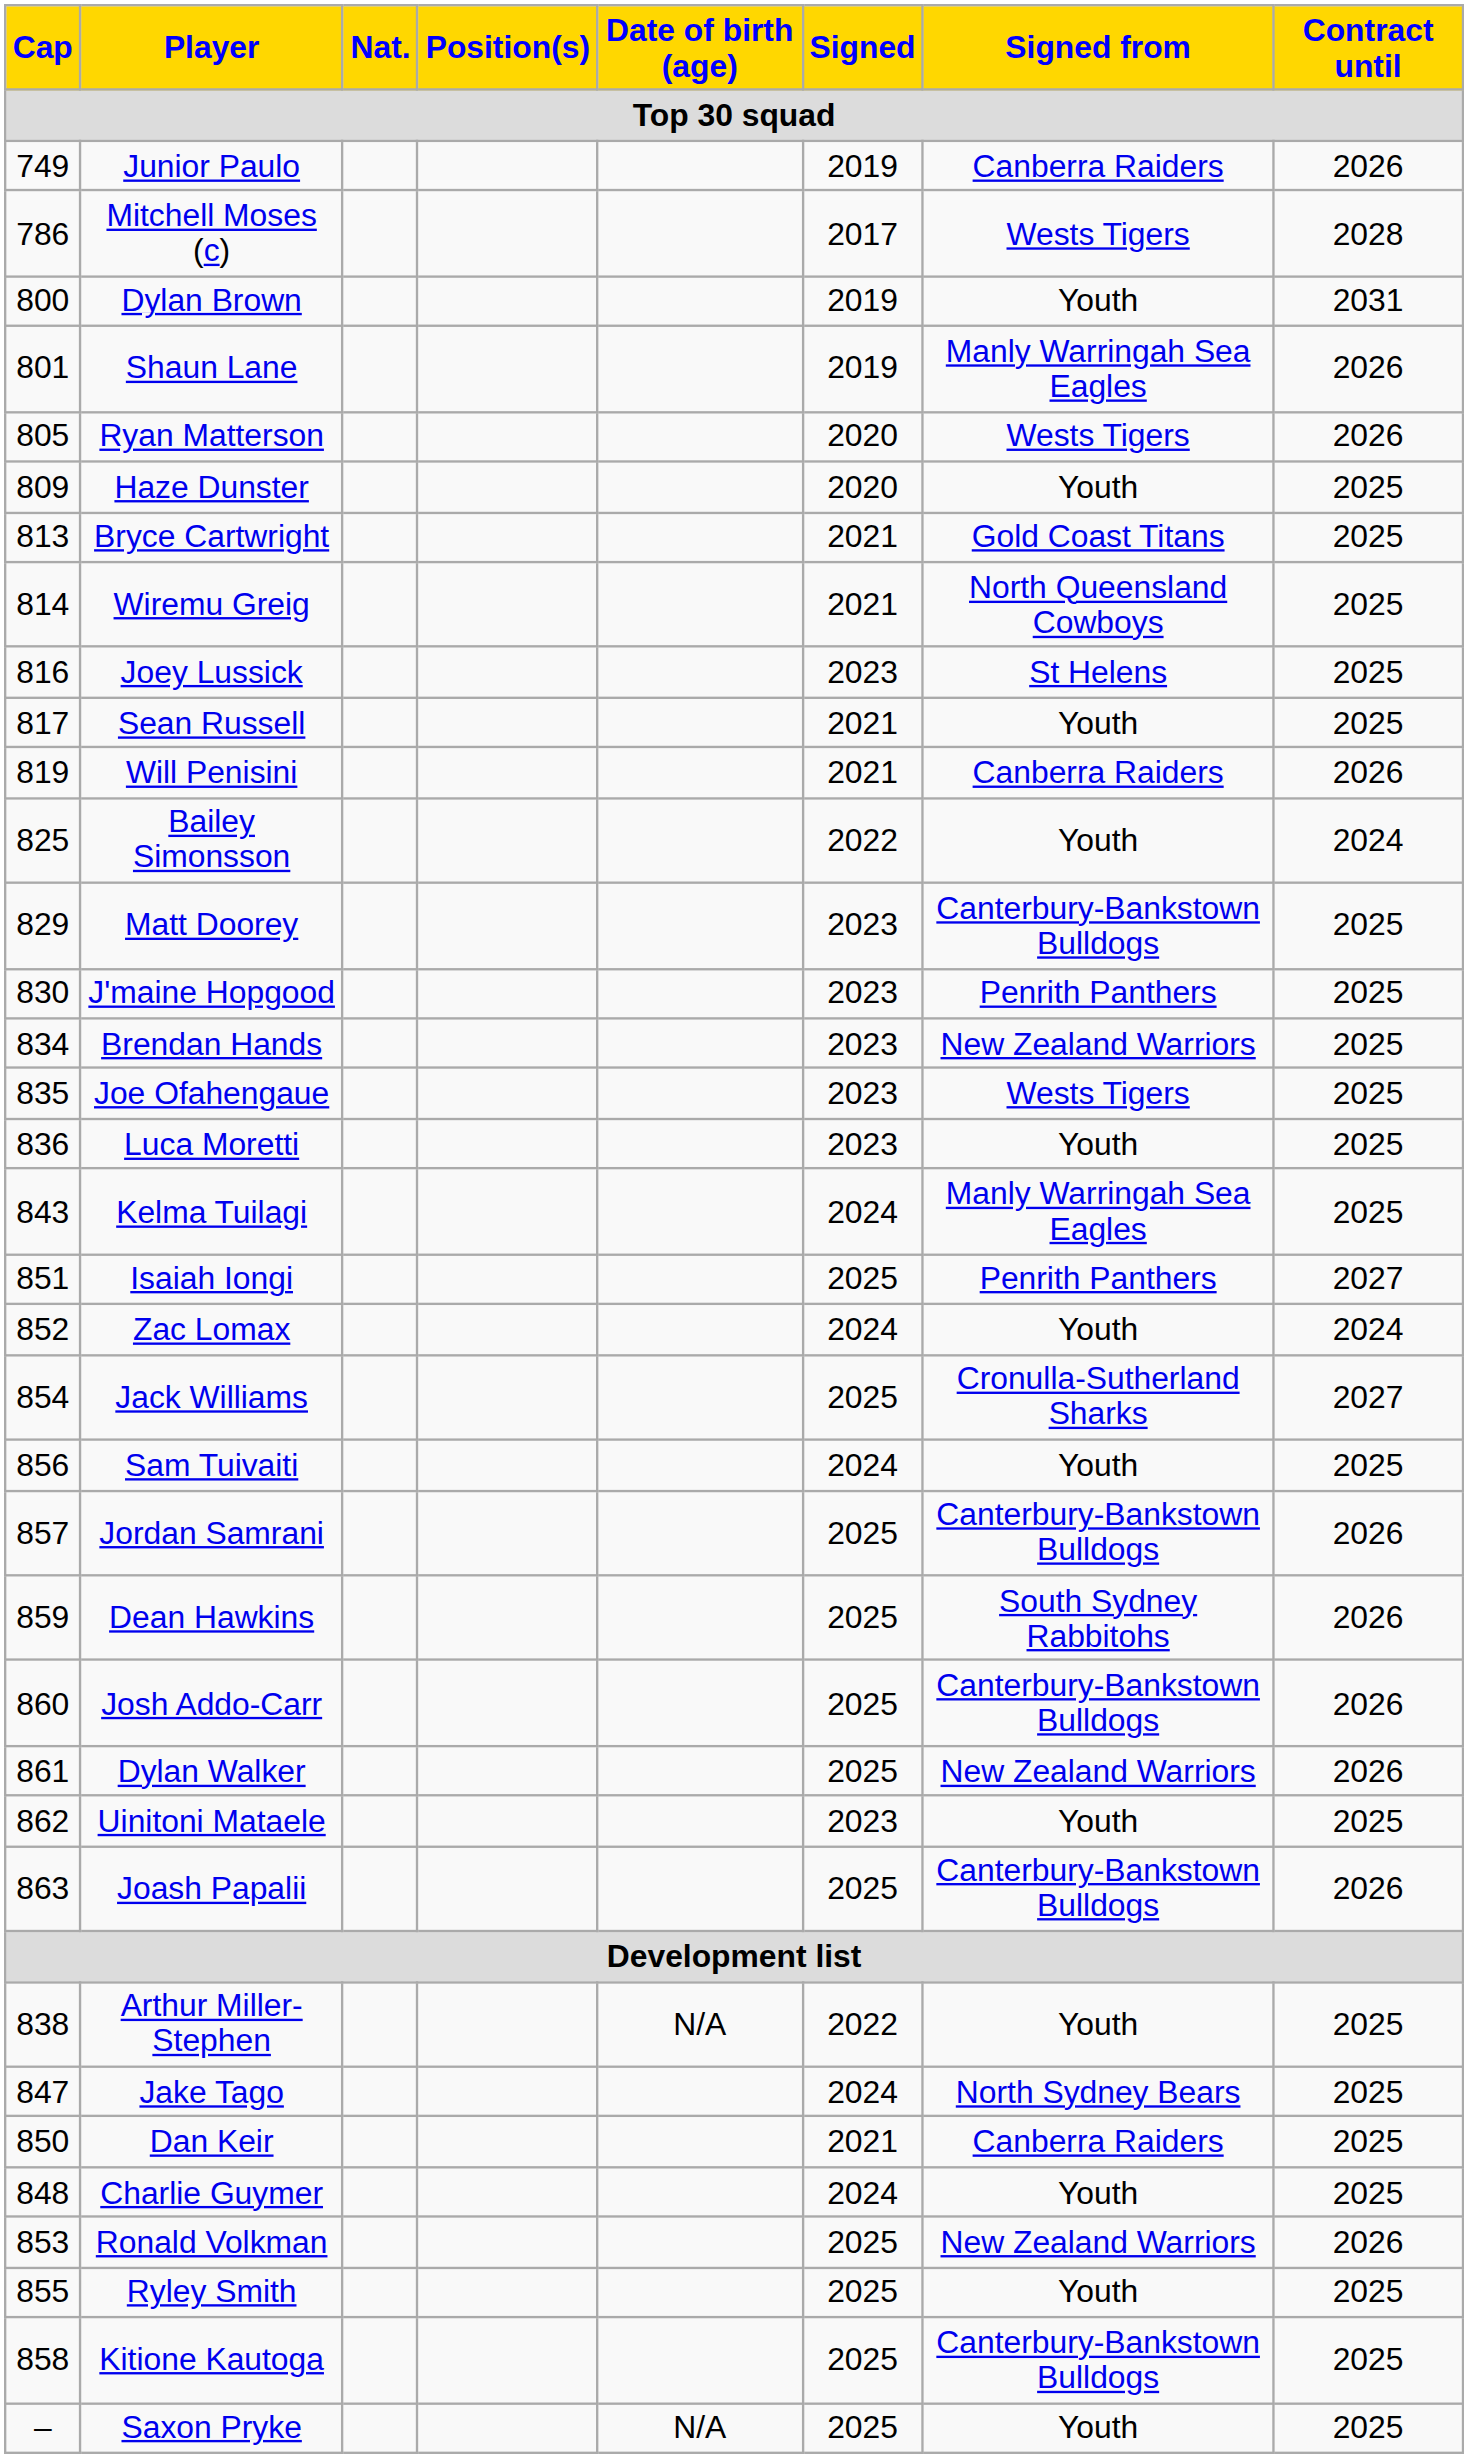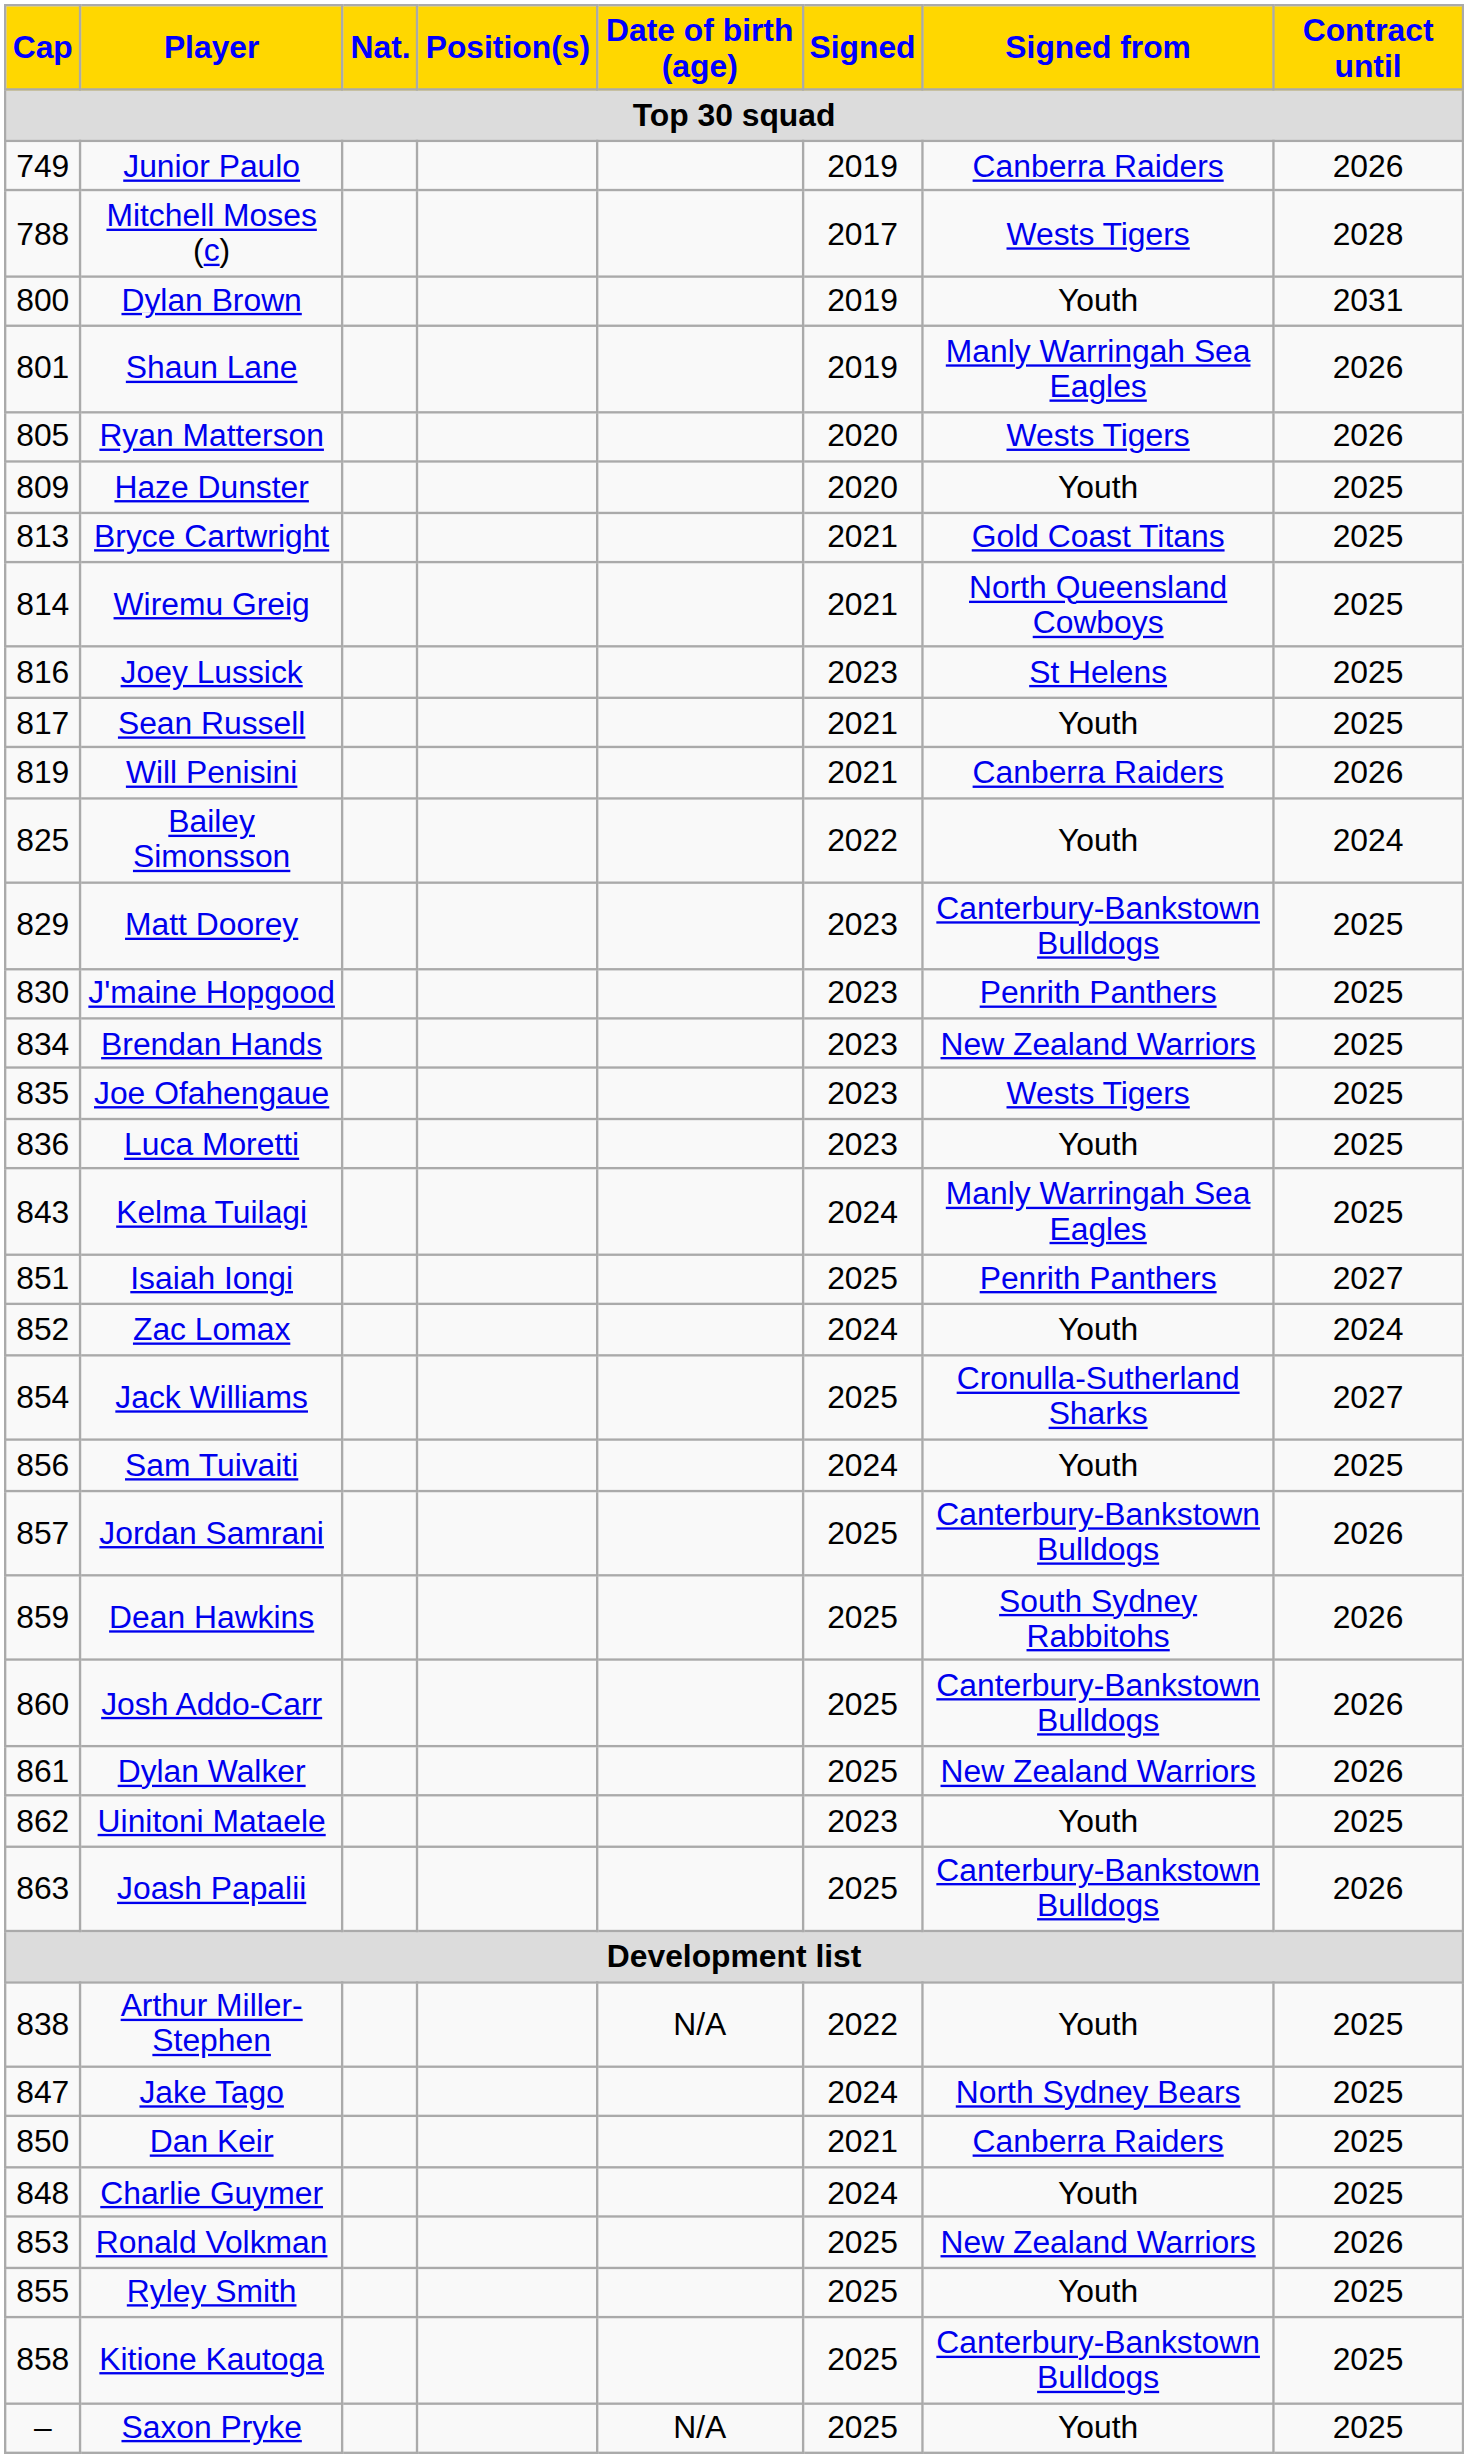 <table class="wikitable" style="text-align:center; font-size:85%; width:100%">
 <tr>
 <th style="background:gold; color:blue; text-align:center; width:10x">Cap</th>
 <th style="background:gold; color:blue; text-align:center; width:160x">Player</th>
 <th style="background:gold; color:blue; text-align:center; width:20x">Nat.</th>
 <th style="background:gold; color:blue; text-align:center; width:80x">Position(s)</th>
 <th style="background:gold; color:blue; text-align:center; width:180x">Date of birth (age)</th>
 <th style="background:gold; color:blue; text-align:center; width:30x">Signed</th>
 <th style="background:gold; color:blue; text-align:center; width:180x">Signed from</th>
 <th style="background:gold; color:blue; text-align:center; width:30x">Contract until</th>
 </tr>
 <tr>
 <th colspan="13" style="background:#dcdcdc; tepxt-align:center;">Top 30 squad</th>
 </tr>
 <tr>
 <td>749</td>
 <td><a href='#'>Junior Paulo</a></td>
 <td></td>
 <td></td>
 <td></td>
 <td>2019</td>
 <td> <a href='#'>Canberra Raiders</a></td>
 <td>2026</td>
 </tr>
 <tr>
-<td>786</td>
+<td>788</td>
 <td><a href='#'>Mitchell Moses</a> (<a href='#'>c</a>)</td>
 <td></td>
 <td></td>
 <td></td>
 <td>2017</td>
 <td> <a href='#'>Wests Tigers</a></td>
 <td>2028</td>
 </tr>
 <tr>
 <td>800</td>
 <td><a href='#'>Dylan Brown</a></td>
 <td></td>
 <td></td>
 <td></td>
 <td>2019</td>
 <td>Youth</td>
 <td>2031</td>
 </tr>
 <tr>
 <td>801</td>
 <td><a href='#'>Shaun Lane</a></td>
 <td></td>
 <td></td>
 <td></td>
 <td>2019</td>
 <td> <a href='#'>Manly Warringah Sea Eagles</a></td>
 <td>2026</td>
 </tr>
 <tr>
 <td>805</td>
 <td><a href='#'>Ryan Matterson</a></td>
 <td></td>
 <td></td>
 <td></td>
 <td>2020</td>
 <td> <a href='#'>Wests Tigers</a></td>
 <td>2026</td>
 </tr>
 <tr>
 <td>809</td>
 <td><a href='#'>Haze Dunster</a></td>
 <td></td>
 <td></td>
 <td></td>
 <td>2020</td>
 <td>Youth</td>
 <td>2025</td>
 </tr>
 <tr>
 <td>813</td>
 <td><a href='#'>Bryce Cartwright</a></td>
 <td></td>
 <td></td>
 <td></td>
 <td>2021</td>
 <td> <a href='#'>Gold Coast Titans</a></td>
 <td>2025</td>
 </tr>
 <tr>
 <td>814</td>
 <td><a href='#'>Wiremu Greig</a></td>
 <td></td>
 <td></td>
 <td></td>
 <td>2021</td>
 <td> <a href='#'>North Queensland Cowboys</a></td>
 <td>2025</td>
 </tr>
 <tr>
 <td>816</td>
 <td><a href='#'>Joey Lussick</a></td>
 <td></td>
 <td></td>
 <td></td>
 <td>2023</td>
 <td> <a href='#'>St Helens</a></td>
 <td>2025</td>
 </tr>
 <tr>
 <td>817</td>
 <td><a href='#'>Sean Russell</a></td>
 <td></td>
 <td></td>
 <td></td>
 <td>2021</td>
 <td>Youth</td>
 <td>2025</td>
 </tr>
 <tr>
 <td>819</td>
 <td><a href='#'>Will Penisini</a></td>
 <td></td>
 <td></td>
 <td></td>
 <td>2021</td>
 <td> <a href='#'>Canberra Raiders</a></td>
 <td>2026</td>
 </tr>
 <tr>
 <td>825</td>
 <td><a href='#'>Bailey Simonsson</a></td>
 <td></td>
 <td></td>
 <td></td>
 <td>2022</td>
 <td>Youth</td>
 <td>2024</td>
 </tr>
 <tr>
 <td>829</td>
 <td><a href='#'>Matt Doorey</a></td>
 <td></td>
 <td></td>
 <td></td>
 <td>2023</td>
 <td> <a href='#'>Canterbury-Bankstown Bulldogs</a></td>
 <td>2025</td>
 </tr>
 <tr>
 <td>830</td>
 <td><a href='#'>J'maine Hopgood</a></td>
 <td></td>
 <td></td>
 <td></td>
 <td>2023</td>
 <td> <a href='#'>Penrith Panthers</a></td>
 <td>2025</td>
 </tr>
 <tr>
 <td>834</td>
 <td><a href='#'>Brendan Hands</a></td>
 <td></td>
 <td></td>
 <td></td>
 <td>2023</td>
 <td> <a href='#'>New Zealand Warriors</a></td>
 <td>2025</td>
 </tr>
 <tr>
 <td>835</td>
 <td><a href='#'>Joe Ofahengaue</a></td>
 <td></td>
 <td></td>
 <td></td>
 <td>2023</td>
 <td> <a href='#'>Wests Tigers</a></td>
 <td>2025</td>
 </tr>
 <tr>
 <td>836</td>
 <td><a href='#'>Luca Moretti</a></td>
 <td></td>
 <td></td>
 <td></td>
 <td>2023</td>
 <td>Youth</td>
 <td>2025</td>
 </tr>
 <tr>
 <td>843</td>
 <td><a href='#'>Kelma Tuilagi</a></td>
 <td></td>
 <td></td>
 <td></td>
 <td>2024</td>
 <td> <a href='#'>Manly Warringah Sea Eagles</a></td>
 <td>2025</td>
 </tr>
 <tr>
 <td>851</td>
 <td><a href='#'>Isaiah Iongi</a></td>
 <td></td>
 <td></td>
 <td></td>
 <td>2025</td>
 <td> <a href='#'>Penrith Panthers</a></td>
 <td>2027</td>
 </tr>
 <tr>
 <td>852</td>
 <td><a href='#'>Zac Lomax</a></td>
 <td></td>
 <td></td>
 <td></td>
 <td>2024</td>
 <td>Youth</td>
 <td>2024</td>
 </tr>
 <tr>
 <td>854</td>
 <td><a href='#'>Jack Williams</a></td>
 <td></td>
 <td></td>
 <td></td>
 <td>2025</td>
 <td> <a href='#'>Cronulla-Sutherland Sharks</a></td>
 <td>2027</td>
 </tr>
 <tr>
 <td>856</td>
 <td><a href='#'>Sam Tuivaiti</a></td>
 <td></td>
 <td></td>
 <td></td>
 <td>2024</td>
 <td>Youth</td>
 <td>2025</td>
 </tr>
 <tr>
 <td>857</td>
 <td><a href='#'>Jordan Samrani</a></td>
 <td></td>
 <td></td>
 <td></td>
 <td>2025</td>
 <td> <a href='#'>Canterbury-Bankstown Bulldogs</a></td>
 <td>2026</td>
 </tr>
 <tr>
 <td>859</td>
 <td><a href='#'>Dean Hawkins</a></td>
 <td></td>
 <td></td>
 <td></td>
 <td>2025</td>
 <td> <a href='#'>South Sydney Rabbitohs</a></td>
 <td>2026</td>
 </tr>
 <tr>
 <td>860</td>
 <td><a href='#'>Josh Addo-Carr</a></td>
 <td></td>
 <td></td>
 <td></td>
 <td>2025</td>
 <td> <a href='#'>Canterbury-Bankstown Bulldogs</a></td>
 <td>2026</td>
 </tr>
 <tr>
 <td>861</td>
 <td><a href='#'>Dylan Walker</a></td>
 <td></td>
 <td></td>
 <td></td>
 <td>2025</td>
 <td> <a href='#'>New Zealand Warriors</a></td>
 <td>2026</td>
 </tr>
 <tr>
 <td>862</td>
 <td><a href='#'>Uinitoni Mataele</a></td>
 <td></td>
 <td></td>
 <td></td>
 <td>2023</td>
 <td>Youth</td>
 <td>2025</td>
 </tr>
 <tr>
 <td>863</td>
 <td><a href='#'>Joash Papalii</a></td>
 <td></td>
 <td></td>
 <td></td>
 <td>2025</td>
 <td> <a href='#'>Canterbury-Bankstown Bulldogs</a></td>
 <td>2026</td>
 </tr>
 <tr>
 <th colspan="13" style="background:#dcdcdc; tepxt-align:center;">Development list</th>
 </tr>
 <tr>
 <td>838</td>
 <td><a href='#'>Arthur Miller-Stephen</a></td>
 <td></td>
 <td></td>
 <td>N/A</td>
 <td>2022</td>
 <td>Youth</td>
 <td>2025</td>
 </tr>
 <tr>
 <td>847</td>
 <td><a href='#'>Jake Tago</a></td>
 <td></td>
 <td></td>
 <td></td>
 <td>2024</td>
 <td> <a href='#'>North Sydney Bears</a></td>
 <td>2025</td>
 </tr>
 <tr>
 <td>850</td>
 <td><a href='#'>Dan Keir</a></td>
 <td></td>
 <td></td>
 <td></td>
 <td>2021</td>
 <td> <a href='#'>Canberra Raiders</a></td>
 <td>2025</td>
 </tr>
 <tr>
 <td>848</td>
 <td><a href='#'>Charlie Guymer</a></td>
 <td></td>
 <td></td>
 <td></td>
 <td>2024</td>
 <td>Youth</td>
 <td>2025</td>
 </tr>
 <tr>
 <td>853</td>
 <td><a href='#'>Ronald Volkman</a></td>
 <td></td>
 <td></td>
 <td></td>
 <td>2025</td>
 <td> <a href='#'>New Zealand Warriors</a></td>
 <td>2026</td>
 </tr>
 <tr>
 <td>855</td>
 <td><a href='#'>Ryley Smith</a></td>
 <td></td>
 <td></td>
 <td></td>
 <td>2025</td>
 <td>Youth</td>
 <td>2025</td>
 </tr>
 <tr>
 <td>858</td>
 <td><a href='#'>Kitione Kautoga</a></td>
 <td></td>
 <td></td>
 <td></td>
 <td>2025</td>
 <td> <a href='#'>Canterbury-Bankstown Bulldogs</a></td>
 <td>2025</td>
 </tr>
 <tr>
 <td>–</td>
 <td><a href='#'>Saxon Pryke</a></td>
 <td></td>
 <td></td>
 <td>N/A</td>
 <td>2025</td>
 <td>Youth</td>
 <td>2025</td>
 </tr>
 </table>
